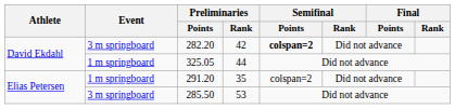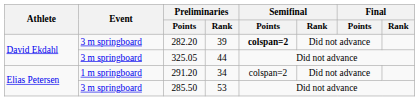 <table class="wikitable" style="text-align:center; font-size:90%; width:50%;">
 <tr>
 <th rowspan=2>Athlete</th>
 <th rowspan=2>Event</th>
 <th colspan=2>Preliminaries</th>
 <th colspan=2>Semifinal</th>
 <th colspan=2>Final</th>
 </tr>
 <tr style="font-size:95%">
 <th>Points</th>
 <th>Rank</th>
 <th>Points</th>
 <th>Rank</th>
 <th>Points</th>
 <th>Rank</th>
 </tr>
 <tr>
 <td align=left rowspan=2><a href='#'>David Ekdahl</a></td>
 <td align=left><a href='#'>3 m springboard</a></td>
 <td>282.20</td>
-<td>42</td>
+<td>39</td>
 <td><strong>colspan=2 </strong></td>
 <td colspan=2>Did not advance</td>
 </tr>
 <tr>
-<td align=left><a href='#'>1 m springboard</a></td>
+<td align=left><a href='#'>3 m springboard</a></td>
 <td>325.05</td>
 <td>44</td>
 <td colspan=4>Did not advance</td>
 </tr>
 <tr>
 <td align=left rowspan=2><a href='#'>Elias Petersen</a></td>
 <td align=left><a href='#'>1 m springboard</a></td>
 <td>291.20</td>
-<td>35</td>
+<td>34</td>
 <td>colspan=2 </td>
 <td colspan=2>Did not advance</td>
 </tr>
 <tr>
 <td align=left><a href='#'>3 m springboard</a></td>
 <td>285.50</td>
 <td>53</td>
 <td colspan=4>Did not advance</td>
 </tr>
 </table>
